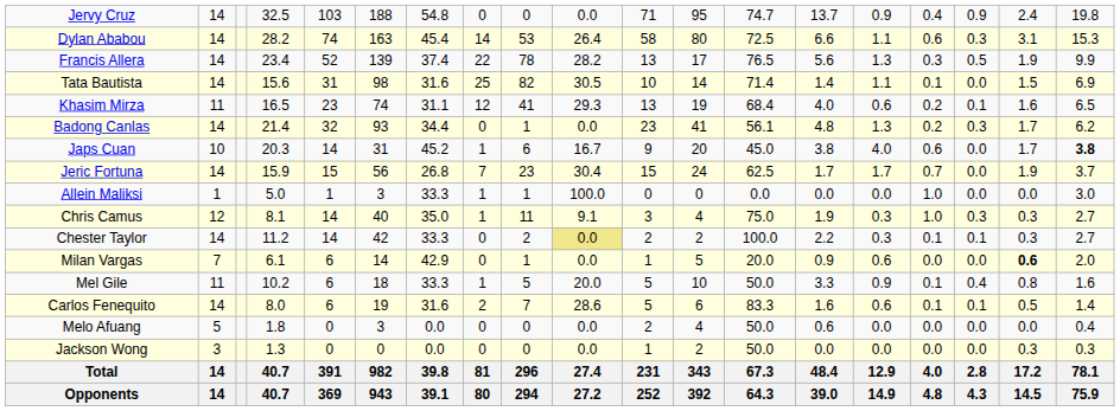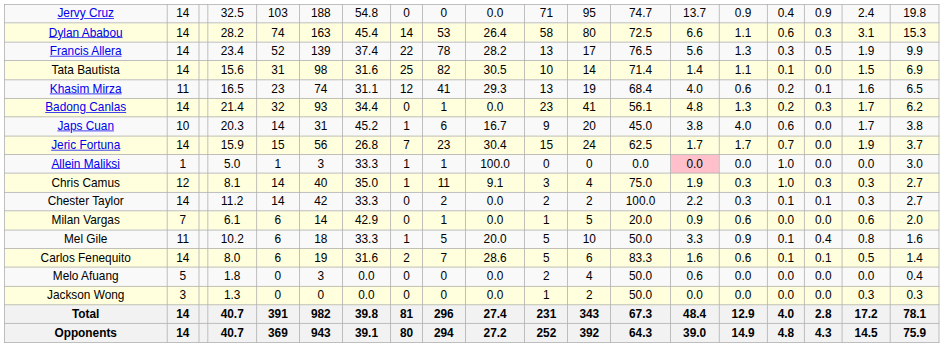 <table class=wikitable width=100%>
 <tr align=center>
 <td><a href='#'>Jervy Cruz</a></td>
 <td>14</td>
 <td></td>
 <td style=>32.5</td>
 <td>103</td>
 <td>188</td>
 <td style=>54.8</td>
 <td>0</td>
 <td>0</td>
 <td>0.0</td>
 <td>71</td>
 <td>95</td>
 <td>74.7</td>
 <td style=>13.7</td>
 <td>0.9</td>
 <td>0.4</td>
 <td style=>0.9</td>
 <td>2.4</td>
 <td style=>19.8</td>
 </tr>
 <tr bgcolor=#ffffdd align=center>
 <td><a href='#'>Dylan Ababou</a></td>
 <td>14</td>
 <td></td>
 <td>28.2</td>
 <td>74</td>
 <td>163</td>
 <td>45.4</td>
 <td>14</td>
 <td>53</td>
 <td>26.4</td>
 <td>58</td>
 <td>80</td>
 <td>72.5</td>
 <td>6.6</td>
 <td>1.1</td>
 <td>0.6</td>
 <td>0.3</td>
 <td>3.1</td>
 <td>15.3</td>
 </tr>
 <tr align=center>
 <td><a href='#'>Francis Allera</a></td>
 <td>14</td>
 <td></td>
 <td>23.4</td>
 <td>52</td>
 <td>139</td>
 <td>37.4</td>
 <td>22</td>
 <td>78</td>
 <td>28.2</td>
 <td>13</td>
 <td>17</td>
 <td>76.5</td>
 <td>5.6</td>
 <td>1.3</td>
 <td>0.3</td>
 <td>0.5</td>
 <td>1.9</td>
 <td>9.9</td>
 </tr>
 <tr bgcolor=#ffffdd align=center>
 <td>Tata Bautista</td>
 <td>14</td>
 <td></td>
 <td>15.6</td>
 <td>31</td>
 <td>98</td>
 <td>31.6</td>
 <td>25</td>
 <td>82</td>
 <td>30.5</td>
 <td>10</td>
 <td>14</td>
 <td>71.4</td>
 <td>1.4</td>
 <td>1.1</td>
 <td>0.1</td>
 <td>0.0</td>
 <td>1.5</td>
 <td>6.9</td>
 </tr>
 <tr align=center>
 <td><a href='#'>Khasim Mirza</a></td>
 <td>11</td>
 <td></td>
 <td>16.5</td>
 <td>23</td>
 <td>74</td>
 <td>31.1</td>
 <td>12</td>
 <td>41</td>
 <td>29.3</td>
 <td>13</td>
 <td>19</td>
 <td>68.4</td>
 <td>4.0</td>
 <td>0.6</td>
 <td>0.2</td>
 <td>0.1</td>
 <td>1.6</td>
 <td>6.5</td>
 </tr>
 <tr bgcolor=#ffffdd align=center>
 <td><a href='#'>Badong Canlas</a></td>
 <td>14</td>
 <td></td>
 <td>21.4</td>
 <td>32</td>
 <td>93</td>
 <td>34.4</td>
 <td>0</td>
 <td>1</td>
 <td>0.0</td>
 <td>23</td>
 <td>41</td>
 <td>56.1</td>
 <td>4.8</td>
 <td>1.3</td>
 <td>0.2</td>
 <td>0.3</td>
 <td>1.7</td>
 <td>6.2</td>
 </tr>
 <tr align=center>
 <td><a href='#'>Japs Cuan</a></td>
 <td>10</td>
 <td></td>
 <td>20.3</td>
 <td>14</td>
 <td>31</td>
 <td>45.2</td>
 <td>1</td>
 <td>6</td>
 <td>16.7</td>
 <td>9</td>
 <td>20</td>
 <td>45.0</td>
 <td>3.8</td>
 <td style=>4.0</td>
 <td>0.6</td>
 <td>0.0</td>
 <td>1.7</td>
-<td><strong>3.8</strong></td>
+<td>3.8</td>
 </tr>
 <tr bgcolor=#ffffdd align=center>
 <td><a href='#'>Jeric Fortuna</a></td>
 <td>14</td>
 <td></td>
 <td>15.9</td>
 <td>15</td>
 <td>56</td>
 <td>26.8</td>
 <td>7</td>
 <td>23</td>
 <td>30.4</td>
 <td>15</td>
 <td>24</td>
 <td>62.5</td>
 <td>1.7</td>
 <td>1.7</td>
 <td>0.7</td>
 <td>0.0</td>
 <td>1.9</td>
 <td>3.7</td>
 </tr>
 <tr align=center>
 <td><a href='#'>Allein Maliksi</a></td>
 <td>1</td>
 <td></td>
 <td>5.0</td>
 <td>1</td>
 <td>3</td>
 <td>33.3</td>
 <td>1</td>
 <td>1</td>
 <td style=>100.0</td>
 <td>0</td>
 <td>0</td>
 <td>0.0</td>
-<td>0.0</td>
+<td style="background: pink;">0.0</td>
 <td>0.0</td>
 <td style=>1.0</td>
 <td>0.0</td>
 <td>0.0</td>
 <td>3.0</td>
 </tr>
 <tr bgcolor=#ffffdd align=center>
 <td>Chris Camus</td>
 <td>12</td>
 <td></td>
 <td>8.1</td>
 <td>14</td>
 <td>40</td>
 <td>35.0</td>
 <td>1</td>
 <td>11</td>
 <td>9.1</td>
 <td>3</td>
 <td>4</td>
 <td>75.0</td>
 <td>1.9</td>
 <td>0.3</td>
 <td style=>1.0</td>
 <td>0.3</td>
 <td>0.3</td>
 <td>2.7</td>
 </tr>
 <tr align=center>
 <td>Chester Taylor</td>
 <td>14</td>
 <td></td>
 <td>11.2</td>
 <td>14</td>
 <td>42</td>
 <td>33.3</td>
 <td>0</td>
 <td>2</td>
-<td style="background: khaki;">0.0</td>
+<td>0.0</td>
 <td>2</td>
 <td>2</td>
 <td style=>100.0</td>
 <td>2.2</td>
 <td>0.3</td>
 <td>0.1</td>
 <td>0.1</td>
 <td>0.3</td>
 <td>2.7</td>
 </tr>
 <tr bgcolor=#ffffdd align=center>
 <td>Milan Vargas</td>
 <td>7</td>
 <td></td>
 <td>6.1</td>
 <td>6</td>
 <td>14</td>
 <td>42.9</td>
 <td>0</td>
 <td>1</td>
 <td>0.0</td>
 <td>1</td>
 <td>5</td>
 <td>20.0</td>
 <td>0.9</td>
 <td>0.6</td>
 <td>0.0</td>
 <td>0.0</td>
-<td><strong>0.6</strong></td>
+<td>0.6</td>
 <td>2.0</td>
 </tr>
 <tr align=center>
 <td>Mel Gile</td>
 <td>11</td>
 <td></td>
 <td>10.2</td>
 <td>6</td>
 <td>18</td>
 <td>33.3</td>
 <td>1</td>
 <td>5</td>
 <td>20.0</td>
 <td>5</td>
 <td>10</td>
 <td>50.0</td>
 <td>3.3</td>
 <td>0.9</td>
 <td>0.1</td>
 <td>0.4</td>
 <td>0.8</td>
 <td>1.6</td>
 </tr>
 <tr bgcolor=#ffffdd align=center>
 <td>Carlos Fenequito</td>
 <td>14</td>
 <td></td>
 <td>8.0</td>
 <td>6</td>
 <td>19</td>
 <td>31.6</td>
 <td>2</td>
 <td>7</td>
 <td>28.6</td>
 <td>5</td>
 <td>6</td>
 <td>83.3</td>
 <td>1.6</td>
 <td>0.6</td>
 <td>0.1</td>
 <td>0.1</td>
 <td>0.5</td>
 <td>1.4</td>
 </tr>
 <tr align=center>
 <td>Melo Afuang</td>
 <td>5</td>
 <td></td>
 <td>1.8</td>
 <td>0</td>
 <td>3</td>
 <td>0.0</td>
 <td>0</td>
 <td>0</td>
 <td>0.0</td>
 <td>2</td>
 <td>4</td>
 <td>50.0</td>
 <td>0.6</td>
 <td>0.0</td>
 <td>0.0</td>
 <td>0.0</td>
 <td>0.0</td>
 <td>0.4</td>
 </tr>
 <tr bgcolor=#ffffdd align=center>
 <td>Jackson Wong</td>
 <td>3</td>
 <td></td>
 <td>1.3</td>
 <td>0</td>
 <td>0</td>
 <td>0.0</td>
 <td>0</td>
 <td>0</td>
 <td>0.0</td>
 <td>1</td>
 <td>2</td>
 <td>50.0</td>
 <td>0.0</td>
 <td>0.0</td>
 <td>0.0</td>
 <td>0.0</td>
 <td>0.3</td>
 <td>0.3</td>
 </tr>
 <tr class=sortbottom>
 <th>Total</th>
 <th>14</th>
 <th></th>
 <th>40.7</th>
 <th>391</th>
 <th>982</th>
 <th>39.8</th>
 <th>81</th>
 <th>296</th>
 <th>27.4</th>
 <th>231</th>
 <th>343</th>
 <th>67.3</th>
 <th>48.4</th>
 <th>12.9</th>
 <th>4.0</th>
 <th>2.8</th>
 <th>17.2</th>
 <th>78.1</th>
 </tr>
 <tr class=sortbottom>
 <th>Opponents</th>
 <th>14</th>
 <th></th>
 <th>40.7</th>
 <th>369</th>
 <th>943</th>
 <th>39.1</th>
 <th>80</th>
 <th>294</th>
 <th>27.2</th>
 <th>252</th>
 <th>392</th>
 <th>64.3</th>
 <th>39.0</th>
 <th>14.9</th>
 <th>4.8</th>
 <th>4.3</th>
 <th>14.5</th>
 <th>75.9</th>
 </tr>
 </table>
